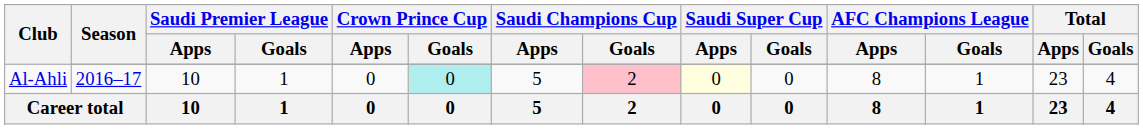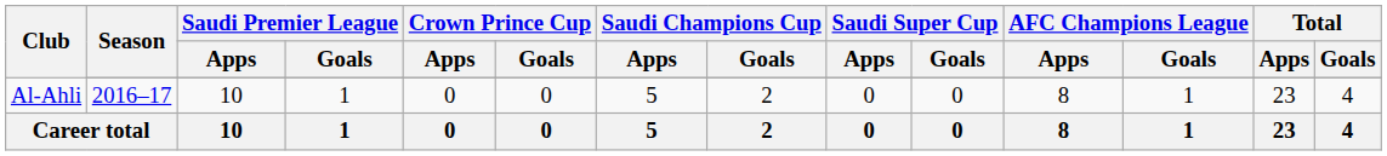 <table class="wikitable" style="text-align: center;">
 <tr>
 <th rowspan="2">Club</th>
 <th rowspan="2">Season</th>
 <th colspan="2"><a href='#'>Saudi Premier League</a></th>
 <th colspan="2"><a href='#'>Crown Prince Cup</a></th>
 <th colspan="2"><a href='#'>Saudi Champions Cup</a></th>
 <th colspan="2"><a href='#'>Saudi Super Cup</a></th>
 <th colspan="2"><a href='#'>AFC Champions League</a></th>
 <th colspan="2">Total</th>
 </tr>
 <tr>
 <th>Apps</th>
 <th>Goals</th>
 <th>Apps</th>
 <th>Goals</th>
 <th>Apps</th>
 <th>Goals</th>
 <th>Apps</th>
 <th>Goals</th>
 <th>Apps</th>
 <th>Goals</th>
 <th>Apps</th>
 <th>Goals</th>
 </tr>
 <tr>
 <td rowspan="2"><a href='#'>Al-Ahli</a></td>
 </tr>
 <tr>
 <td><a href='#'>2016–17</a></td>
 <td>10</td>
 <td>1</td>
 <td>0</td>
-<td style="background: paleturquoise;">0</td>
+<td>0</td>
 <td>5</td>
-<td style="background: pink;">2</td>
-<td style="background: lightyellow;">0</td>
+<td>2</td>
+<td>0</td>
 <td>0</td>
 <td>8</td>
 <td>1</td>
 <td>23</td>
 <td>4</td>
 </tr>
 <tr>
 <th colspan=2>Career total</th>
 <th>10</th>
 <th>1</th>
 <th>0</th>
 <th>0</th>
 <th>5</th>
 <th>2</th>
 <th>0</th>
 <th>0</th>
 <th>8</th>
 <th>1</th>
 <th>23</th>
 <th>4</th>
 </tr>
 </table>
